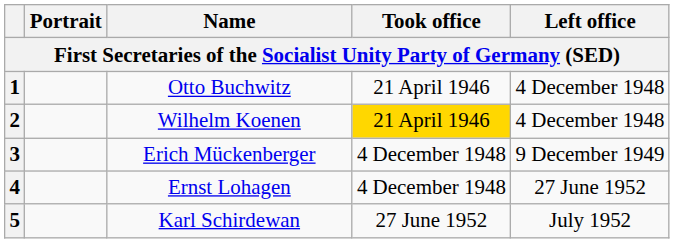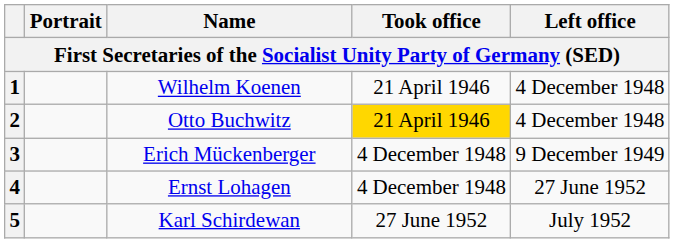 <table class="wikitable" style="text-align:center">
 <tr>
 <th></th>
 <th>Portrait</th>
 <th width=180>Name<br></th>
 <th>Took office</th>
 <th>Left office</th>
 </tr>
 <tr>
 <th colspan=5>First Secretaries of the <a href='#'>Socialist Unity Party of Germany</a> (SED)</th>
 </tr>
 <tr>
 <th style="background:">1</th>
 <td></td>
-<td><a href='#'>Otto Buchwitz</a><br></td>
+<td><a href='#'>Wilhelm Koenen</a><br></td>
 <td>21 April 1946</td>
 <td>4 December 1948</td>
 </tr>
 <tr>
 <th style="background:">2</th>
 <td></td>
-<td><a href='#'>Wilhelm Koenen</a><br></td>
+<td><a href='#'>Otto Buchwitz</a><br></td>
 <td style="background: gold;">21 April 1946</td>
 <td>4 December 1948</td>
 </tr>
 <tr>
 <th style="background:">3</th>
 <td></td>
 <td><a href='#'>Erich Mückenberger</a><br></td>
 <td>4 December 1948</td>
 <td>9 December 1949</td>
 </tr>
 <tr>
 <th style="background:">4</th>
 <td></td>
 <td><a href='#'>Ernst Lohagen</a><br></td>
 <td>4 December 1948</td>
 <td>27 June 1952</td>
 </tr>
 <tr>
 <th style="background:">5</th>
 <td></td>
 <td><a href='#'>Karl Schirdewan</a><br></td>
 <td>27 June 1952</td>
 <td>July 1952</td>
 </tr>
 </table>
